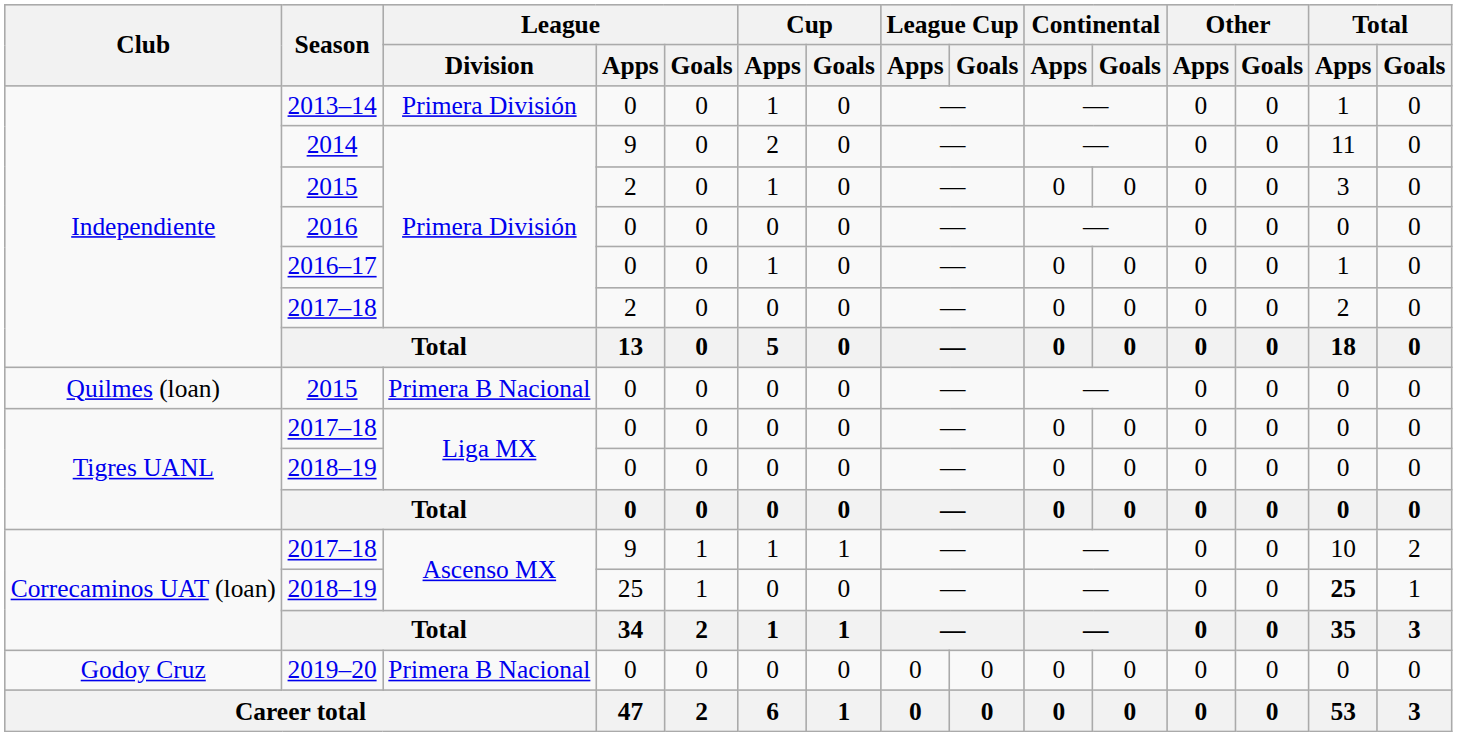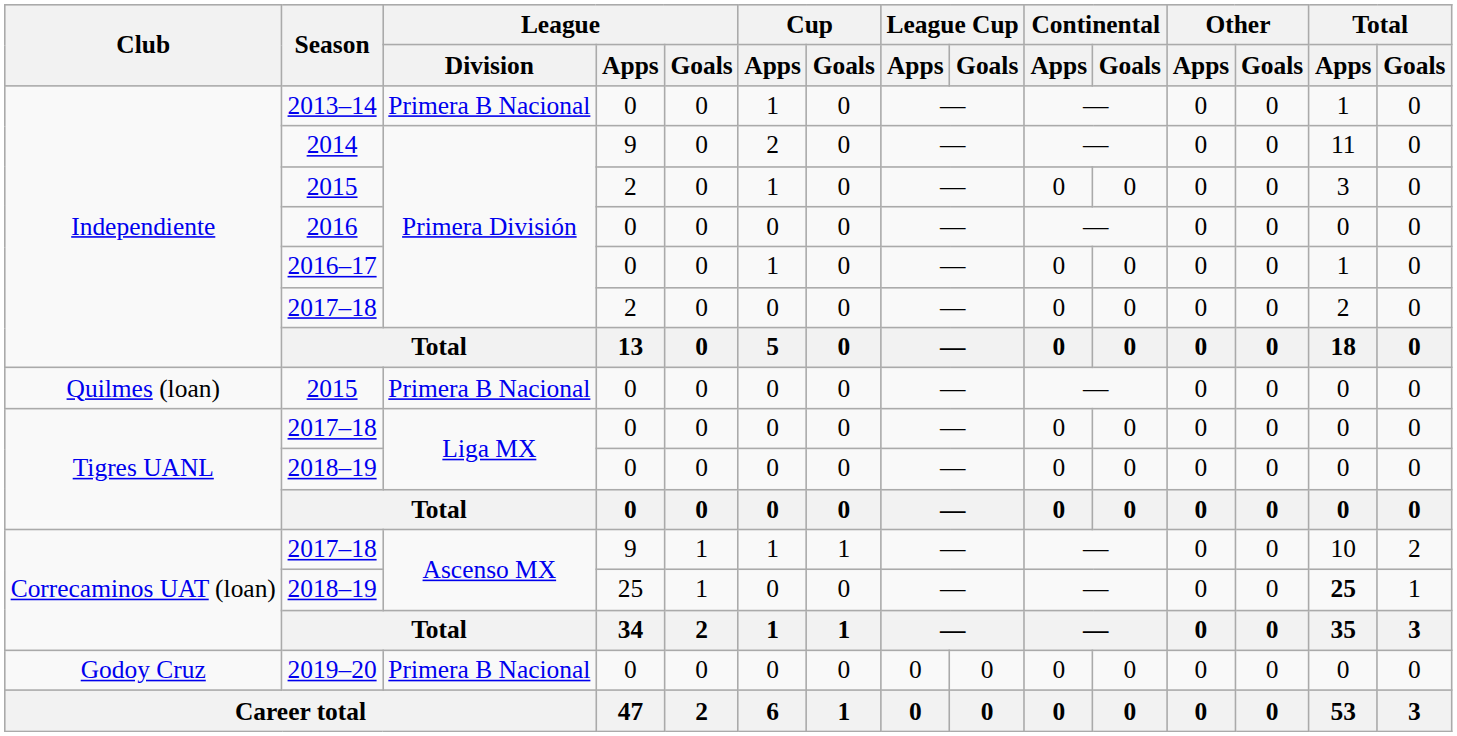 <table class="wikitable" style="text-align:center">
 <tr>
 <th rowspan="2">Club</th>
 <th rowspan="2">Season</th>
 <th colspan="3">League</th>
 <th colspan="2">Cup</th>
 <th colspan="2">League Cup</th>
 <th colspan="2">Continental</th>
 <th colspan="2">Other</th>
 <th colspan="2">Total</th>
 </tr>
 <tr>
 <th>Division</th>
 <th>Apps</th>
 <th>Goals</th>
 <th>Apps</th>
 <th>Goals</th>
 <th>Apps</th>
 <th>Goals</th>
 <th>Apps</th>
 <th>Goals</th>
 <th>Apps</th>
 <th>Goals</th>
 <th>Apps</th>
 <th>Goals</th>
 </tr>
 <tr>
 <td rowspan="7"><a href='#'>Independiente</a></td>
 <td><a href='#'>2013–14</a></td>
-<td rowspan="1"><a href='#'>Primera División</a></td>
+<td rowspan="1"><a href='#'>Primera B Nacional</a></td>
 <td>0</td>
 <td>0</td>
 <td>1</td>
 <td>0</td>
 <td colspan="2">—</td>
 <td colspan="2">—</td>
 <td>0</td>
 <td>0</td>
 <td>1</td>
 <td>0</td>
 </tr>
 <tr>
 <td><a href='#'>2014</a></td>
 <td rowspan="5"><a href='#'>Primera División</a></td>
 <td>9</td>
 <td>0</td>
 <td>2</td>
 <td>0</td>
 <td colspan="2">—</td>
 <td colspan="2">—</td>
 <td>0</td>
 <td>0</td>
 <td>11</td>
 <td>0</td>
 </tr>
 <tr>
 <td><a href='#'>2015</a></td>
 <td>2</td>
 <td>0</td>
 <td>1</td>
 <td>0</td>
 <td colspan="2">—</td>
 <td>0</td>
 <td>0</td>
 <td>0</td>
 <td>0</td>
 <td>3</td>
 <td>0</td>
 </tr>
 <tr>
 <td><a href='#'>2016</a></td>
 <td>0</td>
 <td>0</td>
 <td>0</td>
 <td>0</td>
 <td colspan="2">—</td>
 <td colspan="2">—</td>
 <td>0</td>
 <td>0</td>
 <td>0</td>
 <td>0</td>
 </tr>
 <tr>
 <td><a href='#'>2016–17</a></td>
 <td>0</td>
 <td>0</td>
 <td>1</td>
 <td>0</td>
 <td colspan="2">—</td>
 <td>0</td>
 <td>0</td>
 <td>0</td>
 <td>0</td>
 <td>1</td>
 <td>0</td>
 </tr>
 <tr>
 <td><a href='#'>2017–18</a></td>
 <td>2</td>
 <td>0</td>
 <td>0</td>
 <td>0</td>
 <td colspan="2">—</td>
 <td>0</td>
 <td>0</td>
 <td>0</td>
 <td>0</td>
 <td>2</td>
 <td>0</td>
 </tr>
 <tr>
 <th colspan="2">Total</th>
 <th>13</th>
 <th>0</th>
 <th>5</th>
 <th>0</th>
 <th colspan="2">—</th>
 <th>0</th>
 <th>0</th>
 <th>0</th>
 <th>0</th>
 <th>18</th>
 <th>0</th>
 </tr>
 <tr>
 <td rowspan="1"><a href='#'>Quilmes</a> (loan)</td>
 <td><a href='#'>2015</a></td>
 <td rowspan="1"><a href='#'>Primera B Nacional</a></td>
 <td>0</td>
 <td>0</td>
 <td>0</td>
 <td>0</td>
 <td colspan="2">—</td>
 <td colspan="2">—</td>
 <td>0</td>
 <td>0</td>
 <td>0</td>
 <td>0</td>
 </tr>
 <tr>
 <td rowspan="3"><a href='#'>Tigres UANL</a></td>
 <td><a href='#'>2017–18</a></td>
 <td rowspan="2"><a href='#'>Liga MX</a></td>
 <td>0</td>
 <td>0</td>
 <td>0</td>
 <td>0</td>
 <td colspan="2">—</td>
 <td>0</td>
 <td>0</td>
 <td>0</td>
 <td>0</td>
 <td>0</td>
 <td>0</td>
 </tr>
 <tr>
 <td><a href='#'>2018–19</a></td>
 <td>0</td>
 <td>0</td>
 <td>0</td>
 <td>0</td>
 <td colspan="2">—</td>
 <td>0</td>
 <td>0</td>
 <td>0</td>
 <td>0</td>
 <td>0</td>
 <td>0</td>
 </tr>
 <tr>
 <th colspan="2">Total</th>
 <th>0</th>
 <th>0</th>
 <th>0</th>
 <th>0</th>
 <th colspan="2">—</th>
 <th>0</th>
 <th>0</th>
 <th>0</th>
 <th>0</th>
 <th>0</th>
 <th>0</th>
 </tr>
 <tr>
 <td rowspan="3"><a href='#'>Correcaminos UAT</a> (loan)</td>
 <td><a href='#'>2017–18</a></td>
 <td rowspan="2"><a href='#'>Ascenso MX</a></td>
 <td>9</td>
 <td>1</td>
 <td>1</td>
 <td>1</td>
 <td colspan="2">—</td>
 <td colspan="2">—</td>
 <td>0</td>
 <td>0</td>
 <td>10</td>
 <td>2</td>
 </tr>
 <tr>
 <td><a href='#'>2018–19</a></td>
 <td>25</td>
 <td>1</td>
 <td>0</td>
 <td>0</td>
 <td colspan="2">—</td>
 <td colspan="2">—</td>
 <td>0</td>
 <td>0</td>
 <td><strong>25</strong></td>
 <td>1</td>
 </tr>
 <tr>
 <th colspan="2">Total</th>
 <th>34</th>
 <th>2</th>
 <th>1</th>
 <th>1</th>
 <th colspan="2">—</th>
 <th colspan="2">—</th>
 <th>0</th>
 <th>0</th>
 <th>35</th>
 <th>3</th>
 </tr>
 <tr>
 <td rowspan="1"><a href='#'>Godoy Cruz</a></td>
 <td><a href='#'>2019–20</a></td>
 <td rowspan="1"><a href='#'>Primera B Nacional</a></td>
 <td>0</td>
 <td>0</td>
 <td>0</td>
 <td>0</td>
 <td>0</td>
 <td>0</td>
 <td>0</td>
 <td>0</td>
 <td>0</td>
 <td>0</td>
 <td>0</td>
 <td>0</td>
 </tr>
 <tr>
 <th colspan="3">Career total</th>
 <th>47</th>
 <th>2</th>
 <th>6</th>
 <th>1</th>
 <th>0</th>
 <th>0</th>
 <th>0</th>
 <th>0</th>
 <th>0</th>
 <th>0</th>
 <th>53</th>
 <th>3</th>
 </tr>
 </table>
